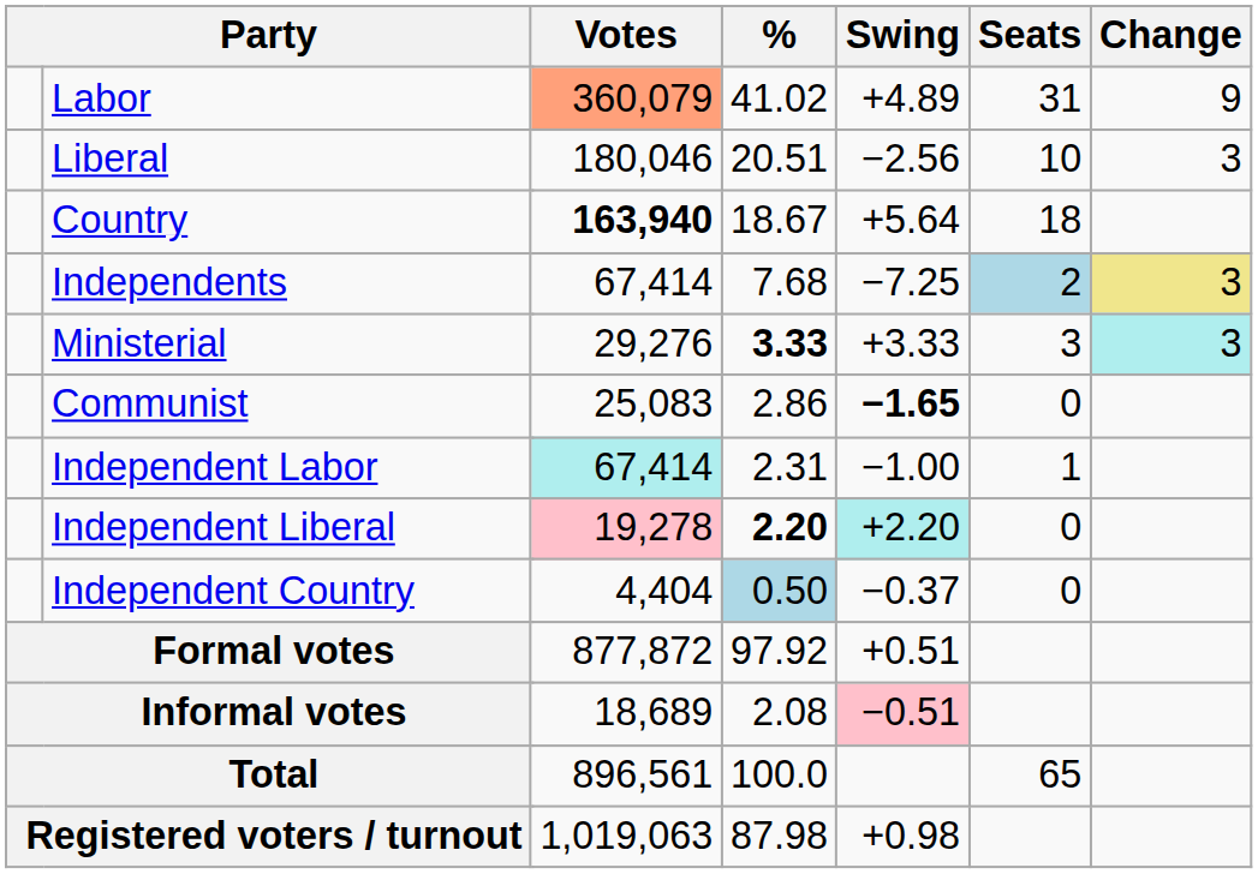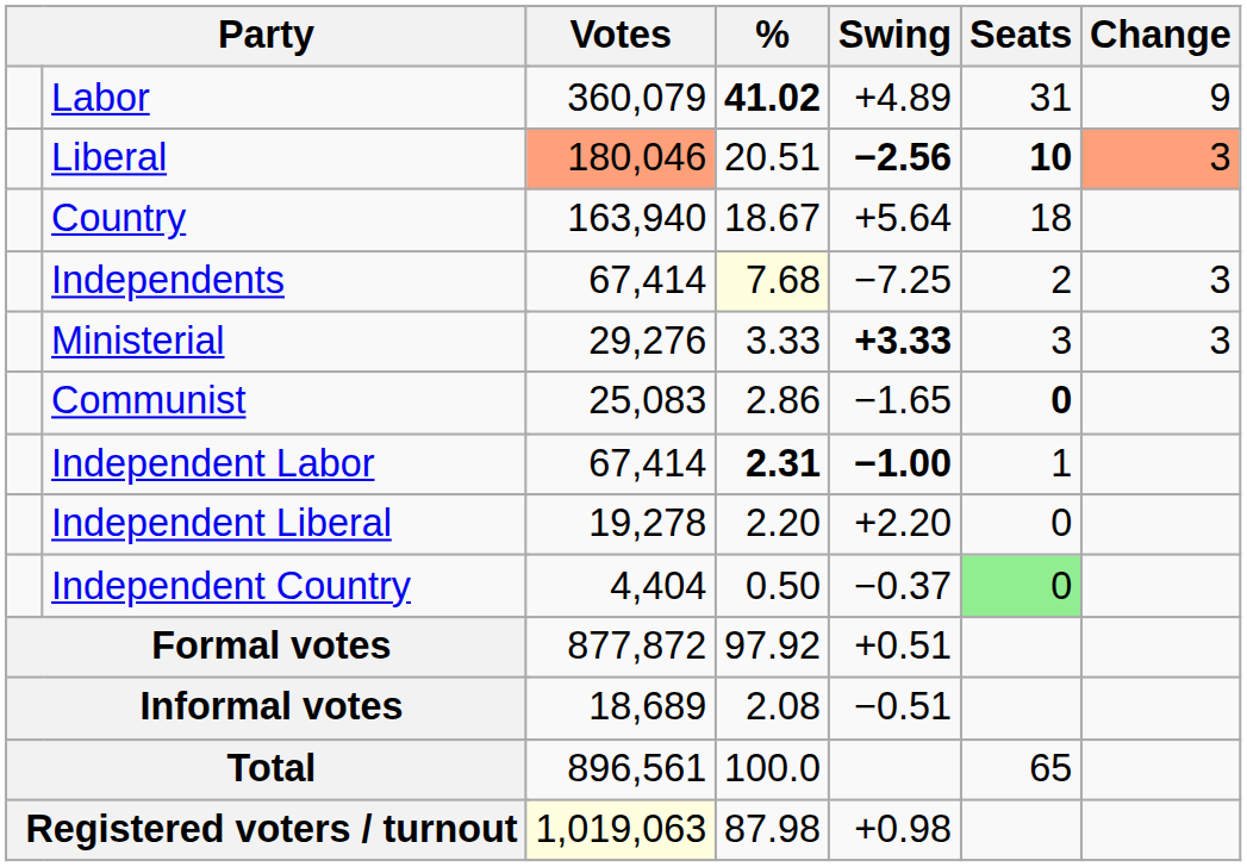 <table class="wikitable mw-datatable" style="text-align:right; margin-bottom:0">
 <tr>
 <th style="width:10px" colspan=3>Party</th>
 <th style="width:70px;">Votes</th>
 <th style="width:40px;">%</th>
 <th style="width:40px;">Swing</th>
 <th style="width:40px;">Seats</th>
 <th style="width:40px;">Change</th>
 </tr>
 <tr>
 <td> </td>
 <td colspan="2" style="text-align:left;"><a href='#'>Labor</a></td>
-<td style="background: lightsalmon; width:70px;">360,079</td>
-<td style="width:40px;">41.02</td>
+<td style="width:70px;">360,079</td>
+<td style="width:40px;"><strong>41.02</strong></td>
 <td style="width:45px;">+4.89</td>
 <td style="width:40px;">31</td>
 <td style="width:55px;"> 9</td>
 </tr>
 <tr>
 <td> </td>
 <td colspan="2" style="text-align:left;"><a href='#'>Liberal</a></td>
-<td>180,046</td>
+<td style="background: lightsalmon;">180,046</td>
 <td>20.51</td>
-<td>−2.56</td>
-<td>10</td>
-<td> 3</td>
+<td><strong>−2.56</strong></td>
+<td><strong>10</strong></td>
+<td style="background: lightsalmon;"> 3</td>
 </tr>
 <tr>
 <td> </td>
 <td colspan="2" style="text-align:left;"><a href='#'>Country</a></td>
-<td><strong>163,940</strong></td>
+<td>163,940</td>
 <td>18.67</td>
 <td>+5.64</td>
 <td>18</td>
 <td></td>
 </tr>
 <tr>
 <td> </td>
 <td colspan="2" style="text-align:left;"><a href='#'>Independents</a></td>
 <td>67,414</td>
-<td>7.68</td>
+<td style="background: lightyellow;">7.68</td>
 <td>−7.25</td>
-<td style="background: lightblue;">2</td>
-<td style="background: khaki;"> 3</td>
+<td>2</td>
+<td> 3</td>
 </tr>
 <tr>
 <td> </td>
 <td colspan="2" style="text-align:left;"><a href='#'>Ministerial</a></td>
 <td>29,276</td>
-<td><strong>3.33</strong></td>
-<td>+3.33</td>
+<td>3.33</td>
+<td><strong>+3.33</strong></td>
 <td>3</td>
-<td style="background: paleturquoise;"> 3</td>
+<td> 3</td>
 </tr>
 <tr>
 <td> </td>
 <td colspan="2" style="text-align:left;"><a href='#'>Communist</a></td>
 <td>25,083</td>
 <td>2.86</td>
-<td><strong>−1.65</strong></td>
-<td>0</td>
+<td>−1.65</td>
+<td><strong>0</strong></td>
 <td></td>
 </tr>
 <tr>
 <td> </td>
 <td colspan="2" style="text-align:left;"><a href='#'>Independent Labor</a></td>
-<td style="background: paleturquoise;">67,414</td>
-<td>2.31</td>
-<td>−1.00</td>
+<td>67,414</td>
+<td><strong>2.31</strong></td>
+<td><strong>−1.00</strong></td>
 <td>1</td>
 <td></td>
 </tr>
 <tr>
 <td> </td>
 <td colspan="2" style="text-align:left;"><a href='#'>Independent Liberal</a></td>
-<td style="background: pink;">19,278</td>
-<td><strong>2.20</strong></td>
-<td style="background: paleturquoise;">+2.20</td>
+<td>19,278</td>
+<td>2.20</td>
+<td>+2.20</td>
 <td>0</td>
 <td></td>
 </tr>
 <tr>
 <td> </td>
 <td colspan="2" style="text-align:left;"><a href='#'>Independent Country</a></td>
 <td>4,404</td>
-<td style="background: lightblue;">0.50</td>
+<td>0.50</td>
 <td>−0.37</td>
-<td>0</td>
+<td style="background: lightgreen;">0</td>
 <td></td>
 </tr>
 <tr>
 <th colspan="3" rowspan="1"> Formal votes</th>
 <td>877,872</td>
 <td>97.92</td>
 <td>+0.51</td>
 <td></td>
 <td></td>
 </tr>
 <tr>
 <th colspan="3" rowspan="1"> Informal votes</th>
 <td>18,689</td>
 <td>2.08</td>
-<td style="background: pink;">−0.51</td>
+<td>−0.51</td>
 <td></td>
 <td></td>
 </tr>
 <tr>
 <th colspan="3" rowspan="1"> Total</th>
 <td>896,561</td>
 <td>100.0</td>
 <td></td>
 <td>65</td>
 <td></td>
 </tr>
 <tr>
 <th colspan="3" rowspan="1"> Registered voters / turnout</th>
-<td>1,019,063</td>
+<td style="background: lightyellow;">1,019,063</td>
 <td>87.98</td>
 <td>+0.98</td>
 <td></td>
 <td></td>
 </tr>
 </table>
